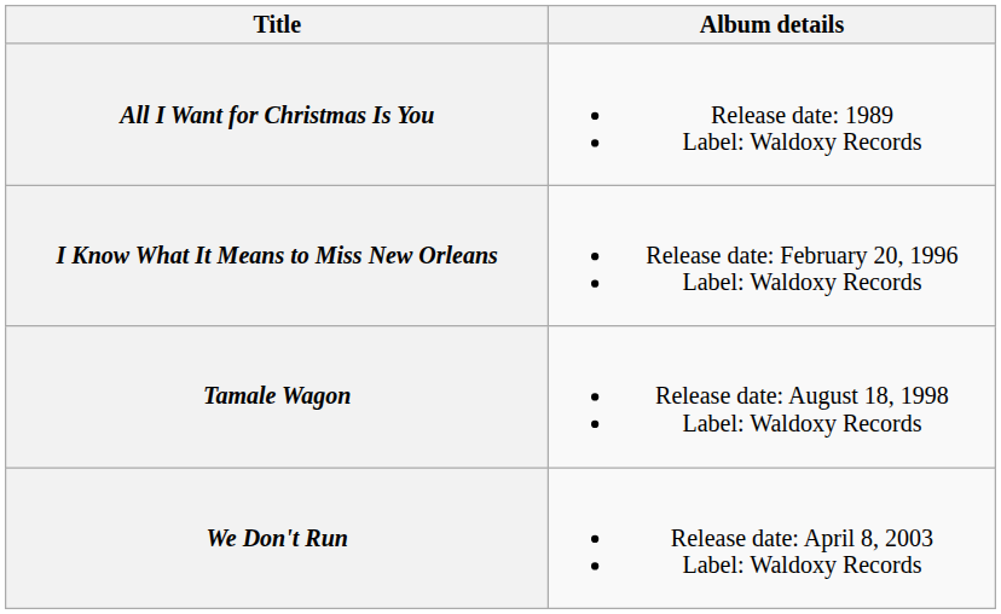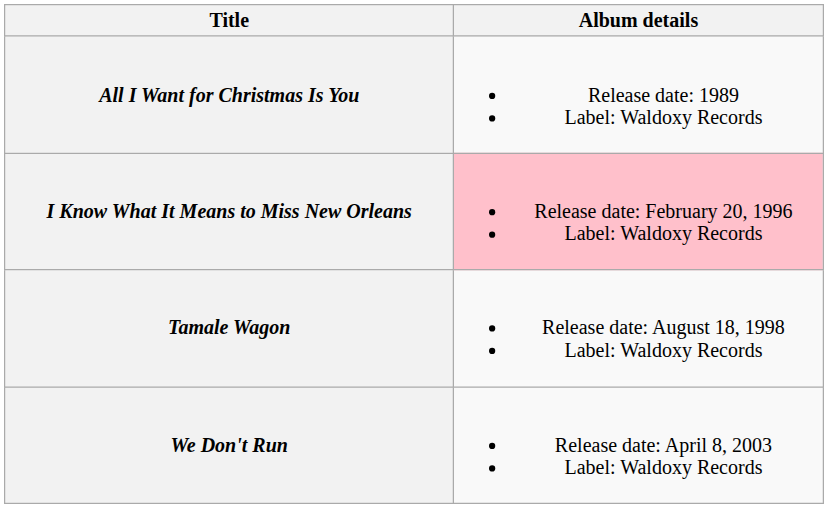 <table class="wikitable plainrowheaders" style="text-align:center;">
 <tr>
 <th style="width:22em;">Title</th>
 <th style="width:18em;">Album details</th>
 </tr>
 <tr>
 <th scope="row"><em>All I Want for Christmas Is You</em></th>
 <td><br><ul><li>Release date: 1989</li><li>Label: Waldoxy Records</li></ul></td>
 </tr>
 <tr>
 <th scope="row"><em>I Know What It Means to Miss New Orleans</em></th>
-<td><br><ul><li>Release date: February 20, 1996</li><li>Label: Waldoxy Records</li></ul></td>
+<td style="background: pink;"><br><ul><li>Release date: February 20, 1996</li><li>Label: Waldoxy Records</li></ul></td>
 </tr>
 <tr>
 <th scope="row"><em>Tamale Wagon</em></th>
 <td><br><ul><li>Release date: August 18, 1998</li><li>Label: Waldoxy Records</li></ul></td>
 </tr>
 <tr>
 <th scope="row"><em>We Don't Run</em></th>
 <td><br><ul><li>Release date: April 8, 2003</li><li>Label: Waldoxy Records</li></ul></td>
 </tr>
 </table>
